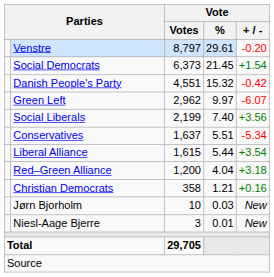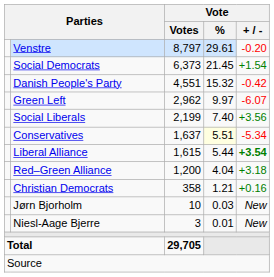 <table class="wikitable" style="text-align:right;">
 <tr>
 <th style="text-align:centre;" rowspan="2" colspan="2" width="225">Parties</th>
 <th colspan="3">Vote</th>
 </tr>
 <tr>
 <th width="15">Votes</th>
 <th width="15">%</th>
 <th width="15">+ / -</th>
 </tr>
 <tr>
 <td width="2" style="color:inherit;background:"></td>
 <td bgcolor=#cfe5fe  align="left"><a href='#'>Venstre</a></td>
 <td bgcolor=#cfe5fe>8,797</td>
 <td bgcolor=#cfe5fe>29.61</td>
 <td style=color:red;>-0.20</td>
 </tr>
 <tr>
 <td width="2" style="color:inherit;background:"></td>
 <td align="left"><a href='#'>Social Democrats</a></td>
 <td>6,373</td>
 <td>21.45</td>
 <td style=color:green;>+1.54</td>
 </tr>
 <tr>
 <td width="2" style="color:inherit;background:"></td>
 <td align="left"><a href='#'>Danish People's Party</a></td>
 <td>4,551</td>
 <td>15.32</td>
 <td style=color:red;>-0.42</td>
 </tr>
 <tr>
 <td width="2" style="color:inherit;background:"></td>
 <td align="left"><a href='#'>Green Left</a></td>
 <td>2,962</td>
 <td>9.97</td>
 <td style=color:red;>-6.07</td>
 </tr>
 <tr>
 <td width="2" style="color:inherit;background:"></td>
 <td align="left"><a href='#'>Social Liberals</a></td>
 <td>2,199</td>
 <td>7.40</td>
 <td style=color:green;>+3.56</td>
 </tr>
 <tr>
 <td width="2" style="color:inherit;background:"></td>
 <td align="left"><a href='#'>Conservatives</a></td>
 <td>1,637</td>
-<td>5.51</td>
+<td style="background: lightyellow;">5.51</td>
 <td style=color:red;>-5.34</td>
 </tr>
 <tr>
 <td width="2" style="color:inherit;background:"></td>
 <td align="left"><a href='#'>Liberal Alliance</a></td>
 <td>1,615</td>
 <td>5.44</td>
-<td style=color:green;>+3.54</td>
+<td style=color:green;><strong>+3.54</strong></td>
 </tr>
 <tr>
 <td width="2" style="color:inherit;background:"></td>
 <td align="left"><a href='#'>Red–Green Alliance</a></td>
 <td>1,200</td>
 <td>4.04</td>
 <td style=color:green;>+3.18</td>
 </tr>
 <tr>
 <td width="2" style="color:inherit;background:"></td>
 <td align="left"><a href='#'>Christian Democrats</a></td>
 <td>358</td>
 <td>1.21</td>
 <td style=color:green;>+0.16</td>
 </tr>
 <tr>
 <td width="2" style="color:inherit;background:"></td>
 <td align="left">Jørn Bjorholm</td>
 <td>10</td>
 <td>0.03</td>
 <td><em>New</em></td>
 </tr>
 <tr>
 <td width="2" style="color:inherit;background:"></td>
 <td align="left">Niesl-Aage Bjerre</td>
 <td>3</td>
 <td>0.01</td>
 <td><em>New</em></td>
 </tr>
 <tr>
 <td colspan="7" bgcolor="#E9E9E9"></td>
 </tr>
 <tr>
 <td align="left" colspan="2"><strong>Total</strong></td>
 <td><strong>29,705</strong></td>
 <td bgcolor="#E9E9E9" colspan="2"></td>
 </tr>
 <tr>
 <td align="left" colspan="6">Source</td>
 </tr>
 </table>
